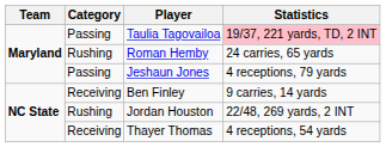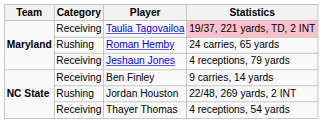 <table class="wikitable" style="float: left;">
 <tr>
 <th>Team</th>
 <th>Category</th>
 <th>Player</th>
 <th>Statistics</th>
 </tr>
 <tr>
 <td rowspan=3><strong>Maryland</strong></td>
-<td>Passing</td>
+<td>Receiving</td>
 <td><a href='#'>Taulia Tagovailoa</a></td>
 <td style="background: pink;">19/37, 221 yards, TD, 2 INT</td>
 </tr>
 <tr>
 <td>Rushing</td>
 <td><a href='#'>Roman Hemby</a></td>
 <td>24 carries, 65 yards</td>
 </tr>
 <tr>
-<td>Passing</td>
+<td>Receiving</td>
 <td><a href='#'>Jeshaun Jones</a></td>
 <td>4 receptions, 79 yards</td>
 </tr>
 <tr>
 <td rowspan=3><strong>NC State</strong></td>
 <td>Receiving</td>
 <td>Ben Finley</td>
 <td>9 carries, 14 yards</td>
 </tr>
 <tr>
 <td>Rushing</td>
 <td>Jordan Houston</td>
 <td>22/48, 269 yards, 2 INT</td>
 </tr>
 <tr>
 <td>Receiving</td>
 <td>Thayer Thomas</td>
 <td>4 receptions, 54 yards</td>
 </tr>
 </table>
